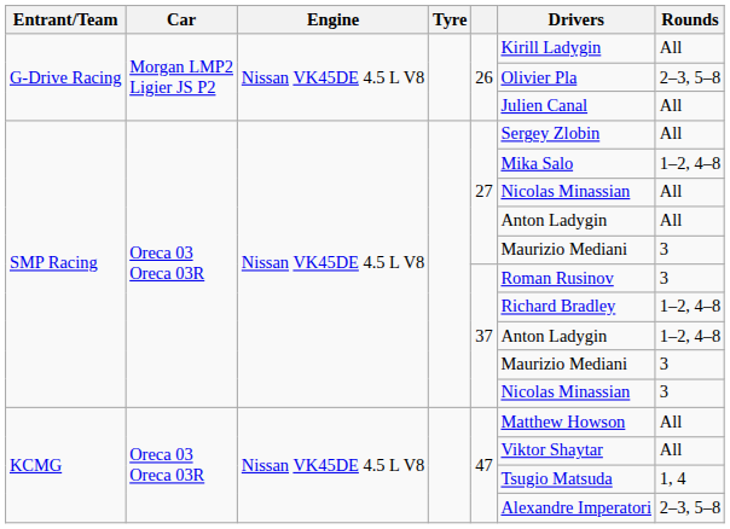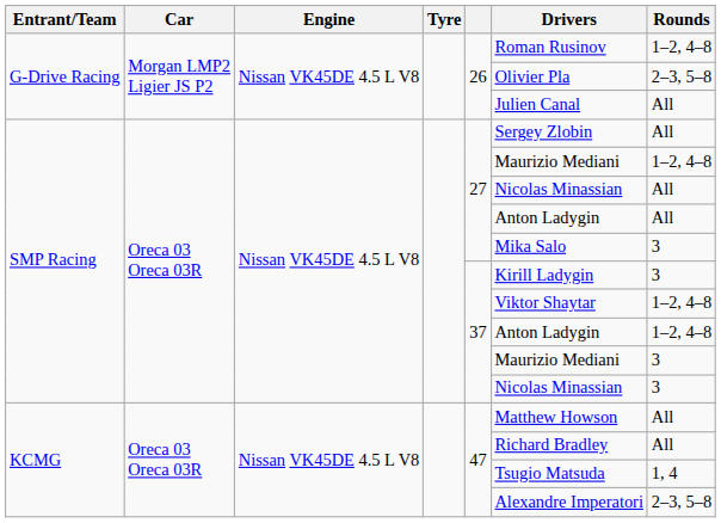 <table class="wikitable" style="font-size: 85%">
 <tr>
 <th>Entrant/Team</th>
 <th>Car</th>
 <th>Engine</th>
 <th>Tyre</th>
 <th></th>
 <th>Drivers</th>
 <th>Rounds</th>
 </tr>
 <tr>
 <td rowspan=3> <a href='#'>G-Drive Racing</a></td>
 <td rowspan=3><a href='#'>Morgan LMP2</a><br><a href='#'>Ligier JS P2</a></td>
 <td rowspan=3><a href='#'>Nissan</a> <a href='#'>VK45DE</a> 4.5 L V8</td>
 <td rowspan=3></td>
 <td rowspan=3>26</td>
-<td> <a href='#'>Kirill Ladygin</a></td>
-<td>All</td>
+<td> <a href='#'>Roman Rusinov</a></td>
+<td>1–2, 4–8</td>
 </tr>
 <tr>
 <td> <a href='#'>Olivier Pla</a></td>
 <td>2–3, 5–8</td>
 </tr>
 <tr>
 <td> <a href='#'>Julien Canal</a></td>
 <td>All</td>
 </tr>
 <tr>
 <td rowspan=10> <a href='#'>SMP Racing</a></td>
 <td rowspan=10><a href='#'>Oreca 03</a><br><a href='#'>Oreca 03R</a></td>
 <td rowspan=10><a href='#'>Nissan</a> <a href='#'>VK45DE</a> 4.5 L V8</td>
 <td rowspan=10></td>
 <td rowspan=5>27</td>
 <td> <a href='#'>Sergey Zlobin</a></td>
 <td>All</td>
 </tr>
 <tr>
-<td> <a href='#'>Mika Salo</a></td>
+<td> Maurizio Mediani</td>
 <td>1–2, 4–8</td>
 </tr>
 <tr>
 <td> <a href='#'>Nicolas Minassian</a></td>
 <td>All</td>
 </tr>
 <tr>
 <td> Anton Ladygin</td>
 <td>All</td>
 </tr>
 <tr>
-<td> Maurizio Mediani</td>
+<td> <a href='#'>Mika Salo</a></td>
 <td>3</td>
 </tr>
 <tr>
 <td rowspan=5>37</td>
-<td> <a href='#'>Roman Rusinov</a></td>
+<td> <a href='#'>Kirill Ladygin</a></td>
 <td>3</td>
 </tr>
 <tr>
-<td> <a href='#'>Richard Bradley</a></td>
+<td> <a href='#'>Viktor Shaytar</a></td>
 <td>1–2, 4–8</td>
 </tr>
 <tr>
 <td> Anton Ladygin</td>
 <td>1–2, 4–8</td>
 </tr>
 <tr>
 <td> Maurizio Mediani</td>
 <td>3</td>
 </tr>
 <tr>
 <td> <a href='#'>Nicolas Minassian</a></td>
 <td>3</td>
 </tr>
 <tr>
 <td rowspan=4> <a href='#'>KCMG</a></td>
 <td rowspan=4><a href='#'>Oreca 03</a><br><a href='#'>Oreca 03R</a></td>
 <td rowspan=4><a href='#'>Nissan</a> <a href='#'>VK45DE</a> 4.5 L V8</td>
 <td rowspan=4></td>
 <td rowspan=4>47</td>
 <td> <a href='#'>Matthew Howson</a></td>
 <td>All</td>
 </tr>
 <tr>
-<td> <a href='#'>Viktor Shaytar</a></td>
+<td> <a href='#'>Richard Bradley</a></td>
 <td>All</td>
 </tr>
 <tr>
 <td> <a href='#'>Tsugio Matsuda</a></td>
 <td>1, 4</td>
 </tr>
 <tr>
 <td> <a href='#'>Alexandre Imperatori</a></td>
 <td>2–3, 5–8</td>
 </tr>
 </table>
